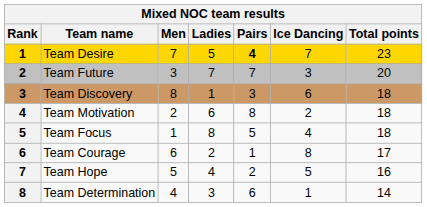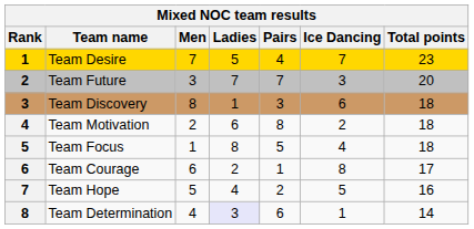 <table class="wikitable">
 <tr>
 <th colspan=7 align=center>Mixed NOC team results</th>
 </tr>
 <tr>
 <th>Rank</th>
 <th>Team name</th>
 <th>Men</th>
 <th>Ladies</th>
 <th>Pairs</th>
 <th>Ice Dancing</th>
 <th><strong>Total points</strong></th>
 </tr>
 <tr bgcolor="gold">
 <td align="center" bgcolor="gold"><strong>1</strong></td>
 <td>Team Desire</td>
 <td align="center">7</td>
 <td align="center">5</td>
-<td align="center"><strong>4</strong></td>
+<td align="center">4</td>
 <td align="center">7</td>
 <td align="center">23</td>
 </tr>
 <tr bgcolor="silver">
 <td align="center" bgcolor="silver"><strong>2</strong></td>
 <td>Team Future</td>
 <td align="center">3</td>
 <td align="center">7</td>
 <td align="center">7</td>
 <td align="center">3</td>
 <td align="center">20</td>
 </tr>
 <tr bgcolor="#cc9966">
 <td align="center" bgcolor="#cc9966"><strong>3</strong></td>
 <td>Team Discovery</td>
 <td align="center">8</td>
 <td align="center">1</td>
 <td align="center">3</td>
 <td align="center">6</td>
 <td align="center">18</td>
 </tr>
 <tr>
 <th>4</th>
 <td>Team Motivation</td>
 <td align="center">2</td>
 <td align="center">6</td>
 <td align="center">8</td>
 <td align="center">2</td>
 <td align="center">18</td>
 </tr>
 <tr>
 <th>5</th>
 <td>Team Focus</td>
 <td align="center">1</td>
 <td align="center">8</td>
 <td align="center">5</td>
 <td align="center">4</td>
 <td align="center">18</td>
 </tr>
 <tr>
 <th>6</th>
 <td>Team Courage</td>
 <td align="center">6</td>
 <td align="center">2</td>
 <td align="center">1</td>
 <td align="center">8</td>
 <td align="center">17</td>
 </tr>
 <tr>
 <th>7</th>
 <td>Team Hope</td>
 <td align="center">5</td>
 <td align="center">4</td>
 <td align="center">2</td>
 <td align="center">5</td>
 <td align="center">16</td>
 </tr>
 <tr>
 <th>8</th>
 <td>Team Determination</td>
 <td align="center">4</td>
-<td align="center">3</td>
+<td align="center" style="background: lavender;">3</td>
 <td align="center">6</td>
 <td align="center">1</td>
 <td align="center">14</td>
 </tr>
 </table>
